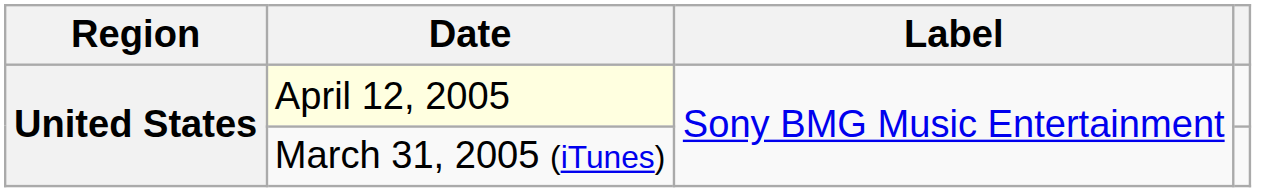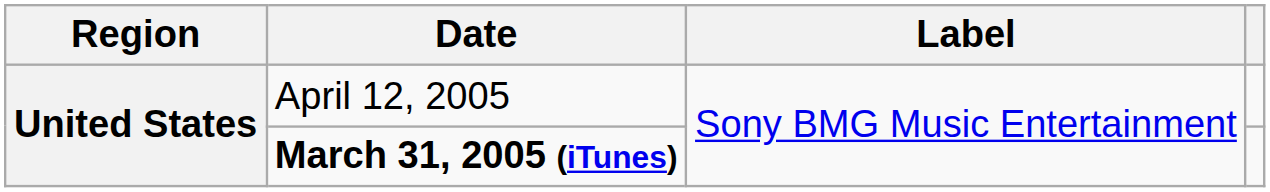 <table class="wikitable plainrowheaders">
 <tr>
 <th scope="col">Region</th>
 <th scope="col">Date</th>
 <th scope="col">Label</th>
 <th scope="col"></th>
 </tr>
 <tr>
 <th scope="row" rowspan="2">United States</th>
-<td align="left" style="background: lightyellow;">April 12, 2005</td>
+<td align="left">April 12, 2005</td>
 <td align="left" rowspan="2"><a href='#'>Sony BMG Music Entertainment</a></td>
 <td></td>
 </tr>
 <tr>
-<td align="left">March 31, 2005 <small>(<a href='#'>iTunes</a>)</small></td>
+<td align="left"><strong>March 31, 2005 <small>(<a href='#'>iTunes</a>)</small></strong></td>
 <td></td>
 </tr>
 </table>
